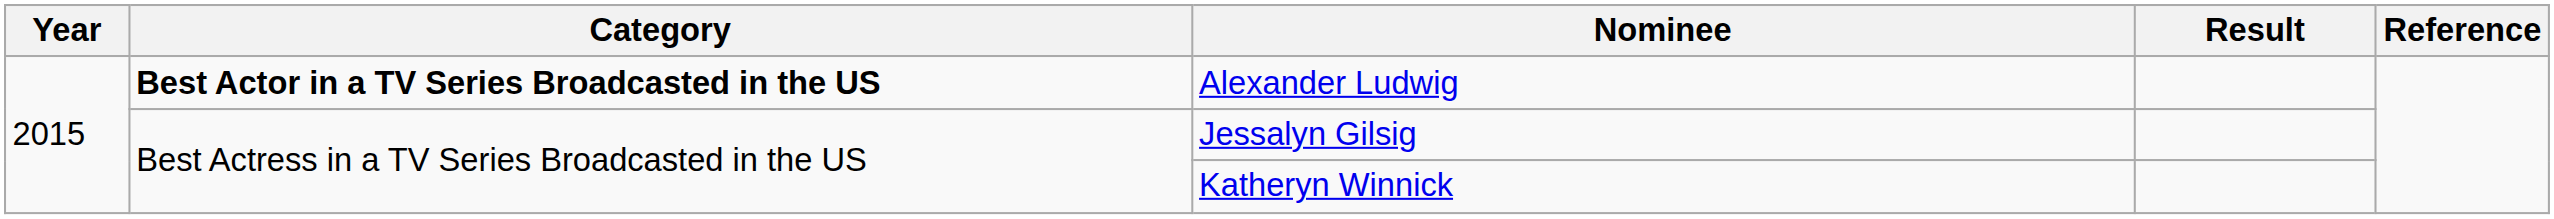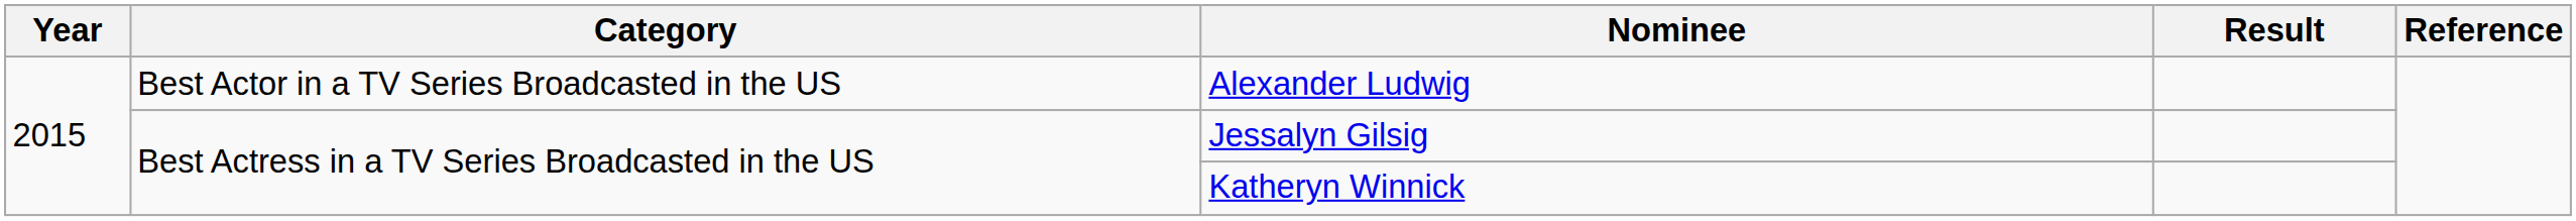 <table class="wikitable">
 <tr>
 <th width=5%>Year</th>
 <th width=45%>Category</th>
 <th width=40%>Nominee</th>
 <th width=10%>Result</th>
 <th width=5%>Reference</th>
 </tr>
 <tr>
 <td rowspan="3">2015</td>
-<td><strong>Best Actor in a TV Series Broadcasted in the US</strong></td>
+<td>Best Actor in a TV Series Broadcasted in the US</td>
 <td><a href='#'>Alexander Ludwig</a></td>
 <td></td>
 <td rowspan="3"></td>
 </tr>
 <tr>
 <td rowspan="2">Best Actress in a TV Series Broadcasted in the US</td>
 <td><a href='#'>Jessalyn Gilsig</a></td>
 <td></td>
 </tr>
 <tr>
 <td><a href='#'>Katheryn Winnick</a></td>
 <td></td>
 </tr>
 </table>
